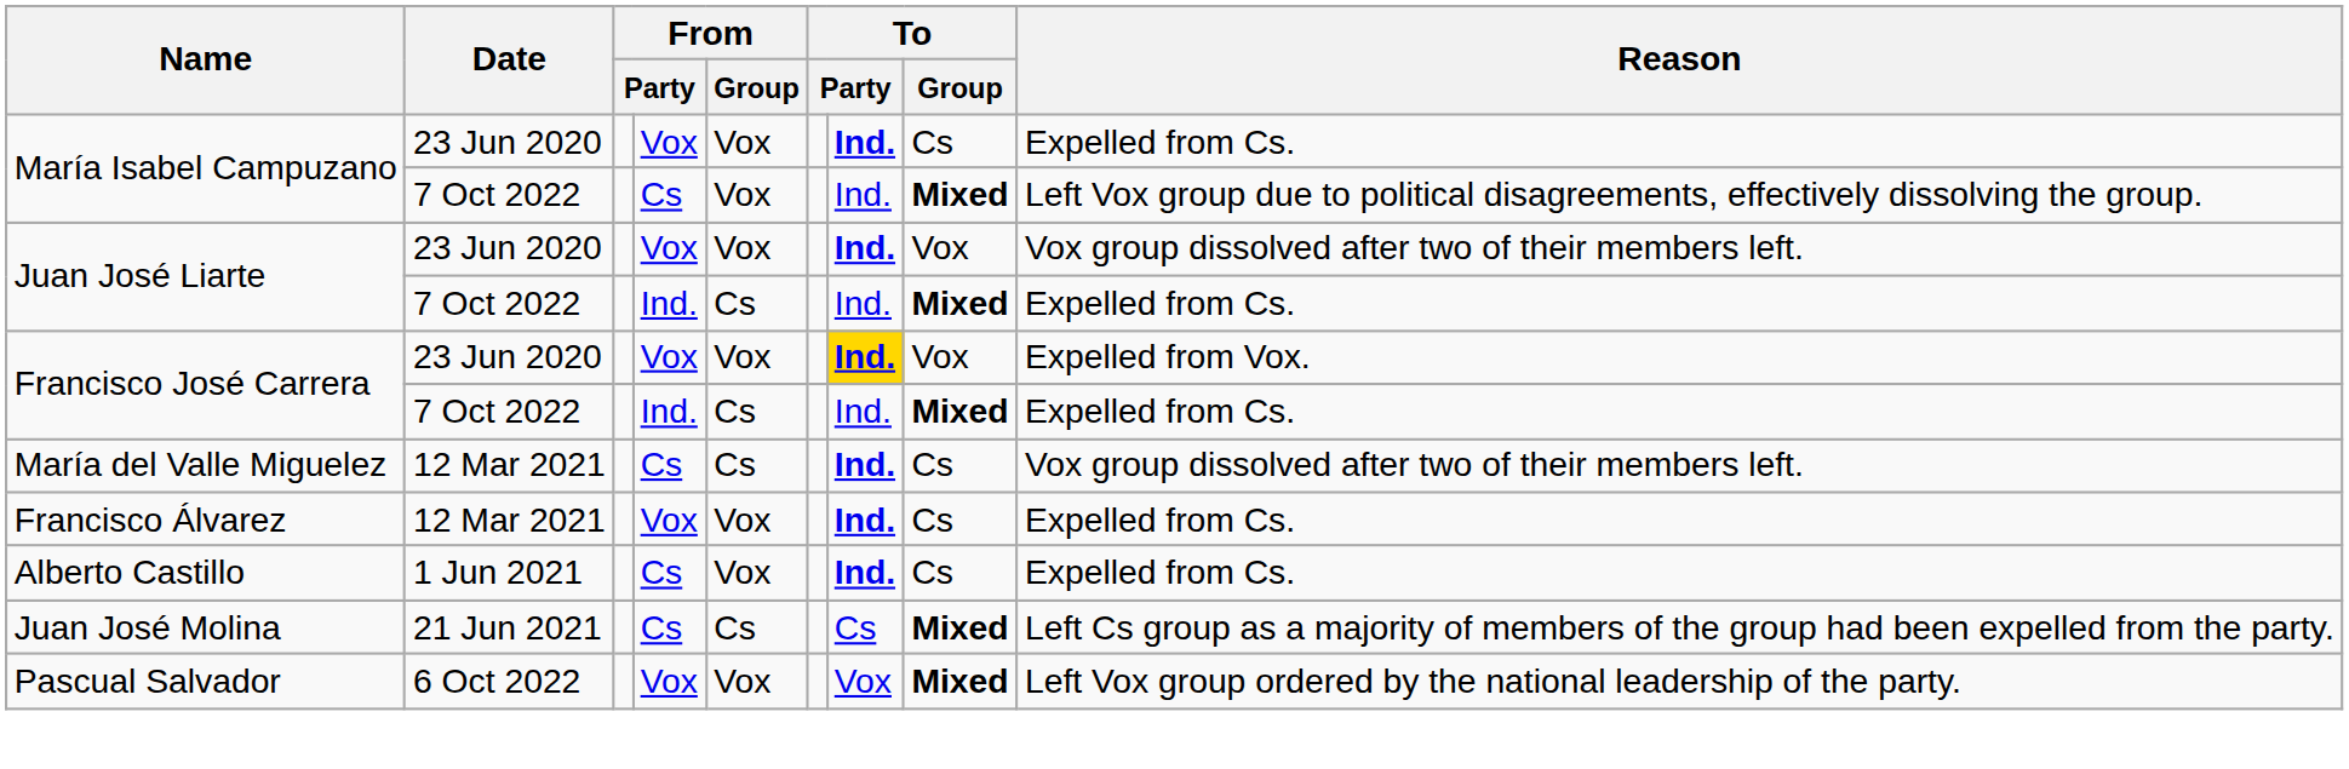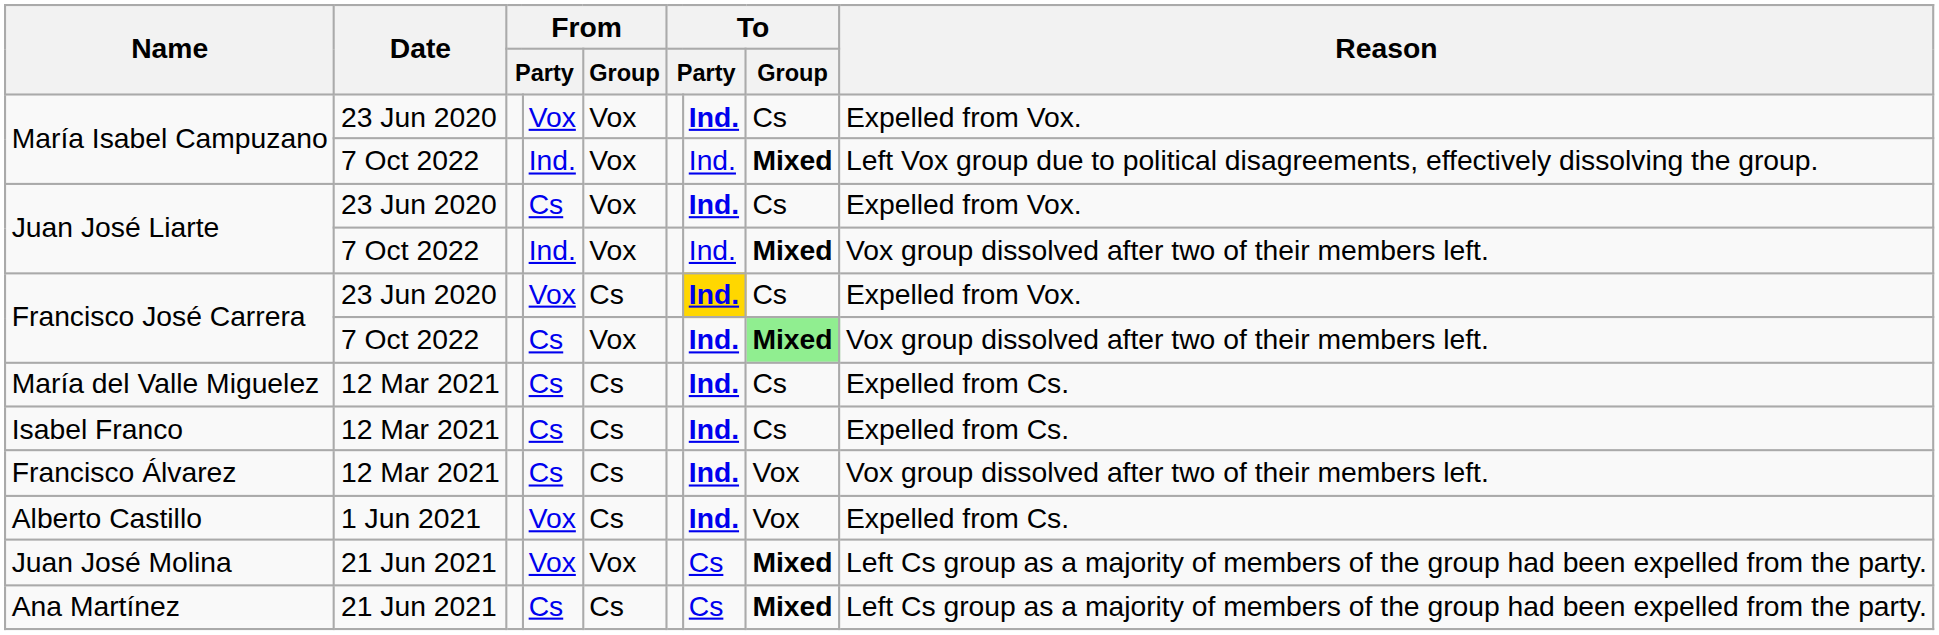 <table class="wikitable plainrowheaders" style="font-size:85%; text-align:left;">
 <tr>
 <th rowspan="2">Name</th>
 <th rowspan="2">Date</th>
 <th colspan="3">From</th>
 <th colspan="3">To</th>
 <th rowspan="2">Reason</th>
 </tr>
 <tr>
 <th colspan="2"><small>Party</small></th>
 <th><small>Group</small></th>
 <th colspan="2"><small>Party</small></th>
 <th><small>Group</small></th>
 </tr>
 <tr>
 <td rowspan="2">María Isabel Campuzano</td>
 <td>23 Jun 2020</td>
 <td width="1"></td>
 <td><a href='#'>Vox</a></td>
 <td>Vox</td>
 <td width="1"></td>
 <td><a href='#'><strong>Ind.</strong></a></td>
 <td>Cs</td>
-<td>Expelled from Cs.</td>
+<td>Expelled from Vox.</td>
 </tr>
 <tr>
 <td>7 Oct 2022</td>
 <td width="1"></td>
-<td><a href='#'>Cs</a></td>
+<td><a href='#'>Ind.</a></td>
 <td>Vox</td>
 <td width="1"></td>
 <td><a href='#'>Ind.</a></td>
 <td><strong>Mixed</strong></td>
 <td>Left Vox group due to political disagreements, effectively dissolving the group.</td>
 </tr>
 <tr>
 <td rowspan="2">Juan José Liarte</td>
 <td>23 Jun 2020</td>
 <td width="1"></td>
-<td><a href='#'>Vox</a></td>
+<td><a href='#'>Cs</a></td>
 <td>Vox</td>
 <td width="1"></td>
 <td><a href='#'><strong>Ind.</strong></a></td>
-<td>Vox</td>
-<td>Vox group dissolved after two of their members left.</td>
+<td>Cs</td>
+<td>Expelled from Vox.</td>
 </tr>
 <tr>
 <td>7 Oct 2022</td>
 <td width="1"></td>
 <td><a href='#'>Ind.</a></td>
-<td>Cs</td>
+<td>Vox</td>
 <td width="1"></td>
 <td><a href='#'>Ind.</a></td>
 <td><strong>Mixed</strong></td>
-<td>Expelled from Cs.</td>
+<td>Vox group dissolved after two of their members left.</td>
 </tr>
 <tr>
 <td rowspan="2">Francisco José Carrera</td>
 <td>23 Jun 2020</td>
 <td width="1"></td>
 <td><a href='#'>Vox</a></td>
-<td>Vox</td>
+<td>Cs</td>
 <td width="1"></td>
 <td style="background: gold;"><a href='#'><strong>Ind.</strong></a></td>
-<td>Vox</td>
+<td>Cs</td>
 <td>Expelled from Vox.</td>
 </tr>
 <tr>
 <td>7 Oct 2022</td>
 <td width="1"></td>
-<td><a href='#'>Ind.</a></td>
-<td>Cs</td>
+<td><a href='#'>Cs</a></td>
+<td>Vox</td>
 <td width="1"></td>
-<td><a href='#'>Ind.</a></td>
-<td><strong>Mixed</strong></td>
-<td>Expelled from Cs.</td>
+<td><strong><a href='#'>Ind.</a></strong></td>
+<td style="background: lightgreen;"><strong>Mixed</strong></td>
+<td>Vox group dissolved after two of their members left.</td>
 </tr>
 <tr>
 <td>María del Valle Miguelez</td>
 <td>12 Mar 2021</td>
 <td width="1"></td>
 <td><a href='#'>Cs</a></td>
 <td>Cs</td>
 <td width="1"></td>
 <td><a href='#'><strong>Ind.</strong></a></td>
 <td>Cs</td>
-<td>Vox group dissolved after two of their members left.</td>
+<td>Expelled from Cs.</td>
 </tr>
 <tr>
-<td>Francisco Álvarez</td>
+<td>Isabel Franco</td>
 <td>12 Mar 2021</td>
 <td width="1"></td>
-<td><a href='#'>Vox</a></td>
-<td>Vox</td>
+<td><a href='#'>Cs</a></td>
+<td>Cs</td>
 <td width="1"></td>
 <td><a href='#'><strong>Ind.</strong></a></td>
 <td>Cs</td>
 <td>Expelled from Cs.</td>
 </tr>
 <tr>
+<td>Francisco Álvarez</td>
+<td>12 Mar 2021</td>
+<td width="1"></td>
+<td><a href='#'>Cs</a></td>
+<td>Cs</td>
+<td width="1"></td>
+<td><a href='#'><strong>Ind.</strong></a></td>
+<td>Vox</td>
+<td>Vox group dissolved after two of their members left.</td>
+</tr>
+<tr>
 <td>Alberto Castillo</td>
 <td>1 Jun 2021</td>
 <td width="1"></td>
-<td><a href='#'>Cs</a></td>
-<td>Vox</td>
+<td><a href='#'>Vox</a></td>
+<td>Cs</td>
 <td width="1"></td>
 <td><a href='#'><strong>Ind.</strong></a></td>
-<td>Cs</td>
+<td>Vox</td>
 <td>Expelled from Cs.</td>
 </tr>
 <tr>
 <td>Juan José Molina</td>
+<td>21 Jun 2021</td>
+<td width="1"></td>
+<td><a href='#'>Vox</a></td>
+<td>Vox</td>
+<td width="1"></td>
+<td><a href='#'>Cs</a></td>
+<td><strong>Mixed</strong></td>
+<td>Left Cs group as a majority of members of the group had been expelled from the party.</td>
+</tr>
+<tr>
+<td>Ana Martínez</td>
 <td>21 Jun 2021</td>
 <td width="1"></td>
 <td><a href='#'>Cs</a></td>
 <td>Cs</td>
 <td width="1"></td>
 <td><a href='#'>Cs</a></td>
 <td><strong>Mixed</strong></td>
 <td>Left Cs group as a majority of members of the group had been expelled from the party.</td>
 </tr>
-<tr>
-<td>Pascual Salvador</td>
-<td>6 Oct 2022</td>
-<td width="1"></td>
-<td><a href='#'>Vox</a></td>
-<td>Vox</td>
-<td width="1"></td>
-<td><a href='#'>Vox</a></td>
-<td><strong>Mixed</strong></td>
-<td>Left Vox group ordered by the national leadership of the party.</td>
-</tr>
 </table>
